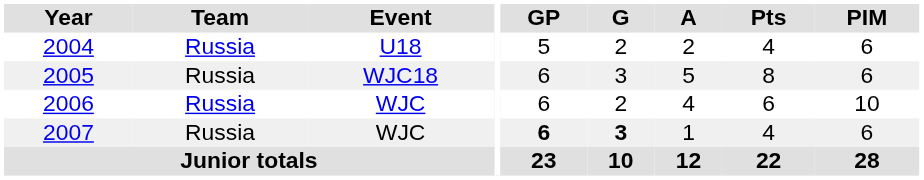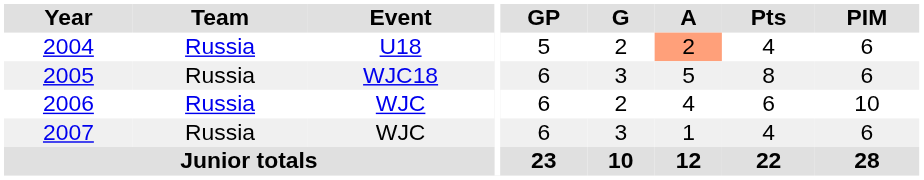 <table border="0" cellpadding="1" cellspacing="0" ID="Table3" style="text-align:center; width:40em">
 <tr bgcolor="#e0e0e0">
 <th>Year</th>
 <th>Team</th>
 <th>Event</th>
 <th rowspan="102" bgcolor="#ffffff"></th>
 <th>GP</th>
 <th>G</th>
 <th>A</th>
 <th>Pts</th>
 <th>PIM</th>
 </tr>
 <tr>
 <td><a href='#'>2004</a></td>
 <td><a href='#'>Russia</a></td>
 <td><a href='#'>U18</a></td>
 <td>5</td>
 <td>2</td>
-<td>2</td>
+<td style="background: lightsalmon;">2</td>
 <td>4</td>
 <td>6</td>
 </tr>
 <tr bgcolor="#f0f0f0">
 <td><a href='#'>2005</a></td>
 <td>Russia</td>
 <td><a href='#'>WJC18</a></td>
 <td>6</td>
 <td>3</td>
 <td>5</td>
 <td>8</td>
 <td>6</td>
 </tr>
 <tr>
 <td><a href='#'>2006</a></td>
 <td><a href='#'>Russia</a></td>
 <td><a href='#'>WJC</a></td>
 <td>6</td>
 <td>2</td>
 <td>4</td>
 <td>6</td>
 <td>10</td>
 </tr>
 <tr bgcolor="#f0f0f0">
 <td><a href='#'>2007</a></td>
 <td>Russia</td>
 <td>WJC</td>
-<td><strong>6</strong></td>
-<td><strong>3</strong></td>
+<td>6</td>
+<td>3</td>
 <td>1</td>
 <td>4</td>
 <td>6</td>
 </tr>
 <tr bgcolor="#e0e0e0">
 <th colspan="3">Junior totals</th>
 <th>23</th>
 <th>10</th>
 <th>12</th>
 <th>22</th>
 <th>28</th>
 </tr>
 </table>
